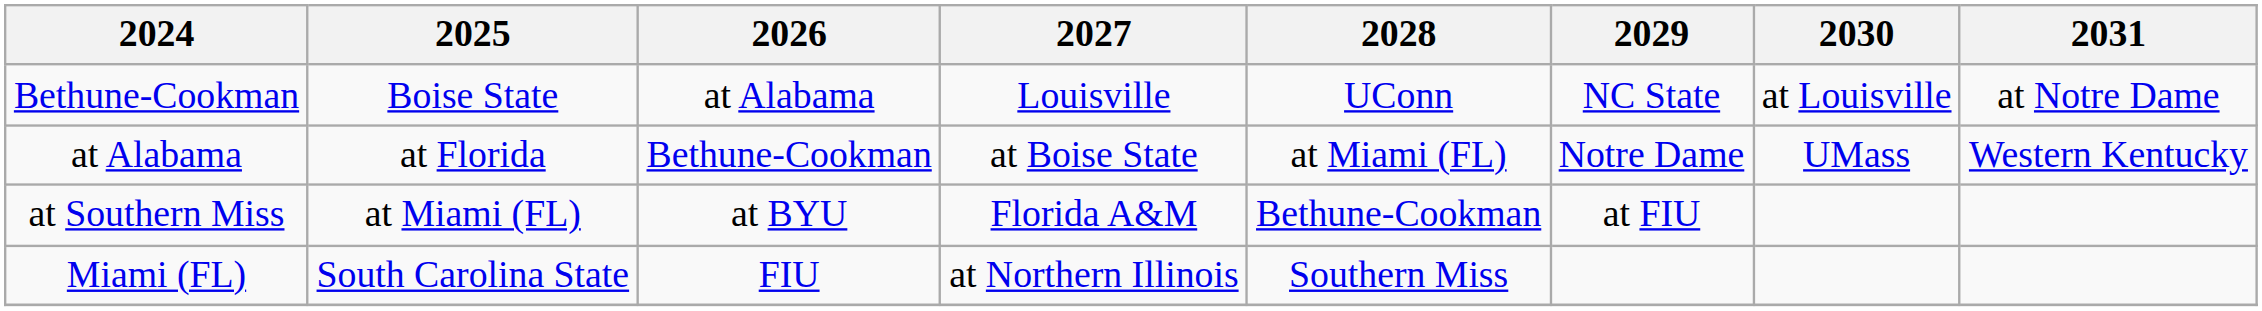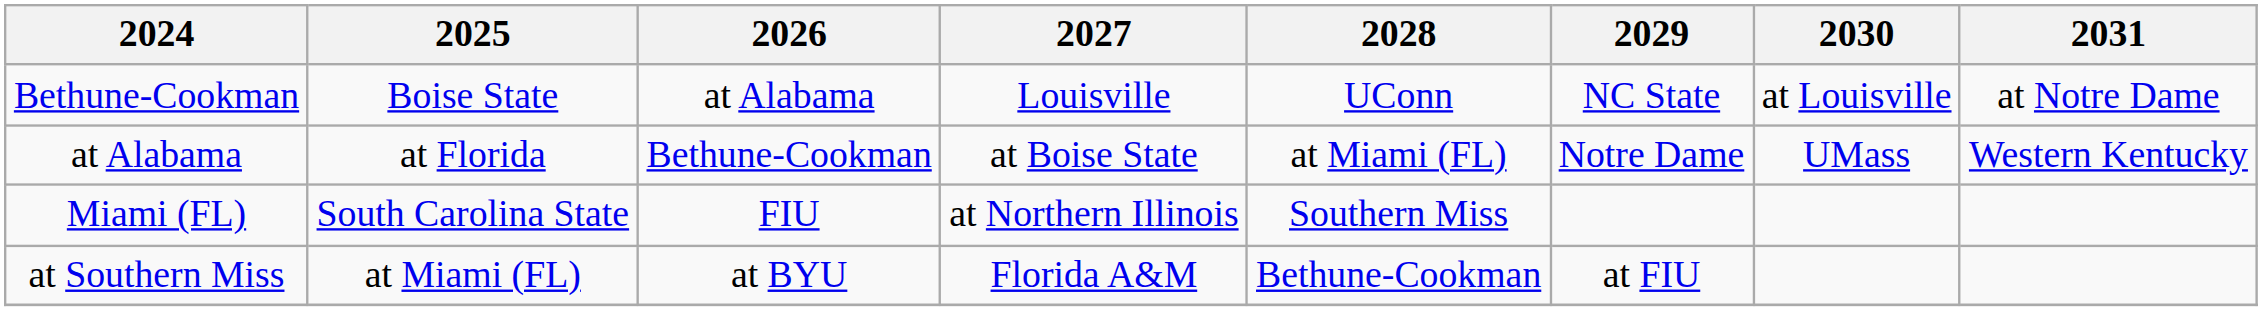 <table class="wikitable sortable" style="text-align:center;">
 <tr>
 <th style="text-align:center;">2024</th>
 <th style="text-align:center;">2025</th>
 <th style="text-align:center;">2026</th>
 <th style="text-align:center;">2027</th>
 <th style="text-align:center;">2028</th>
 <th style="text-align:center;">2029</th>
 <th style="text-align:center;">2030</th>
 <th style="text-align:center;">2031</th>
 </tr>
 <tr>
 <td><a href='#'>Bethune-Cookman</a></td>
 <td><a href='#'>Boise State</a></td>
 <td>at <a href='#'>Alabama</a></td>
 <td><a href='#'>Louisville</a></td>
 <td><a href='#'>UConn</a></td>
 <td><a href='#'>NC State</a></td>
 <td>at <a href='#'>Louisville</a></td>
 <td>at <a href='#'>Notre Dame</a></td>
 </tr>
 <tr>
 <td>at <a href='#'>Alabama</a></td>
 <td>at <a href='#'>Florida</a></td>
 <td><a href='#'>Bethune-Cookman</a></td>
 <td>at <a href='#'>Boise State</a></td>
 <td>at <a href='#'>Miami (FL)</a></td>
 <td><a href='#'>Notre Dame</a></td>
 <td><a href='#'>UMass</a></td>
 <td><a href='#'>Western Kentucky</a></td>
 </tr>
 <tr>
+<td><a href='#'>Miami (FL)</a></td>
+<td><a href='#'>South Carolina State</a></td>
+<td><a href='#'>FIU</a></td>
+<td>at <a href='#'>Northern Illinois</a></td>
+<td><a href='#'>Southern Miss</a></td>
+<td></td>
+<td></td>
+<td></td>
+</tr>
+<tr>
 <td>at <a href='#'>Southern Miss</a></td>
 <td>at <a href='#'>Miami (FL)</a></td>
 <td>at <a href='#'>BYU</a></td>
 <td><a href='#'>Florida A&M</a></td>
 <td><a href='#'>Bethune-Cookman</a></td>
 <td>at <a href='#'>FIU</a></td>
 <td></td>
 <td></td>
 </tr>
 <tr>
-<td><a href='#'>Miami (FL)</a></td>
-<td><a href='#'>South Carolina State</a></td>
-<td><a href='#'>FIU</a></td>
-<td>at <a href='#'>Northern Illinois</a></td>
-<td><a href='#'>Southern Miss</a></td>
-<td></td>
-<td></td>
-<td></td>
-</tr>
-<tr>
 </tr>
 </table>
